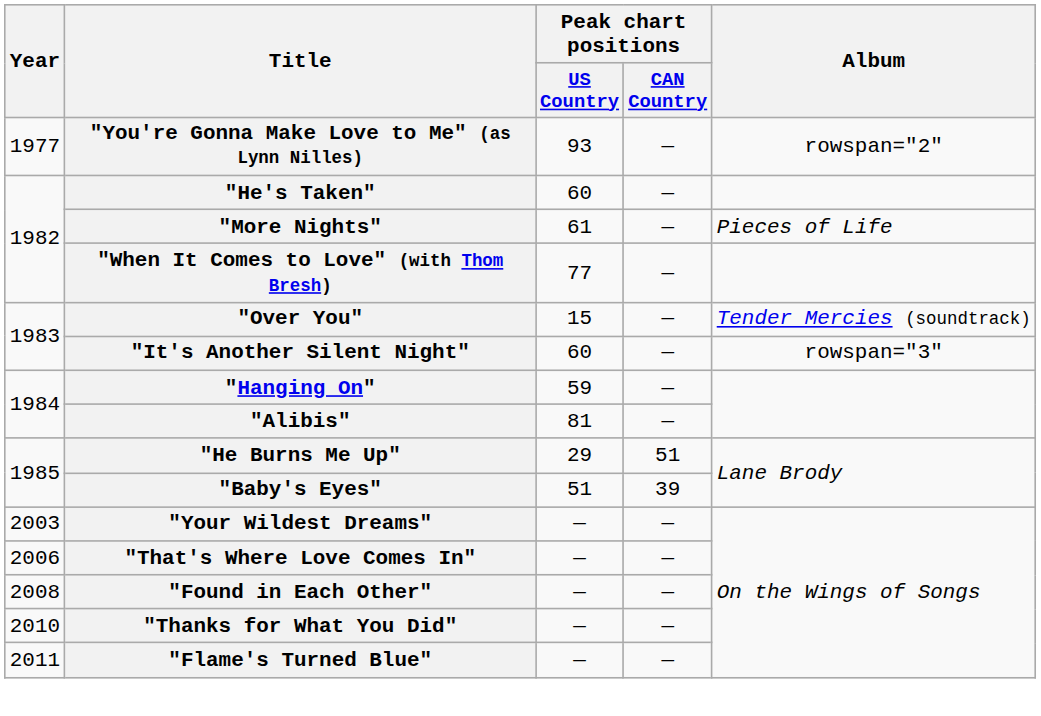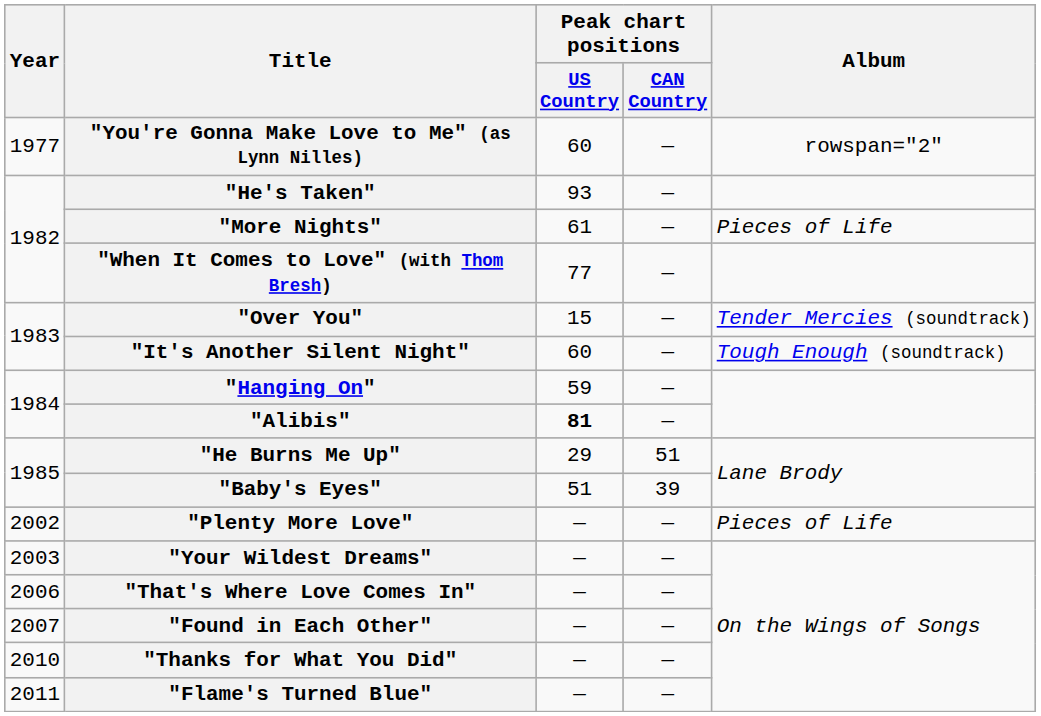 <table class="wikitable plainrowheaders" style=text-align:center;>
 <tr>
 <th scope="col" rowspan="2">Year</th>
 <th scope="col" rowspan="2" style="width:22em;">Title</th>
 <th scope="col" colspan="2">Peak chart positions</th>
 <th scope="col" rowspan="2">Album</th>
 </tr>
 <tr>
 <th style="width:4em;font-size:90%;"><a href='#'>US Country</a></th>
 <th style="width:4em;font-size:90%;"><a href='#'>CAN Country</a></th>
 </tr>
 <tr>
 <td>1977</td>
 <th scope="row">"You're Gonna Make Love to Me" <small>(as Lynn Nilles)</small></th>
-<td>93</td>
+<td>60</td>
 <td>—</td>
 <td>rowspan="2" </td>
 </tr>
 <tr>
 <td rowspan="3">1982</td>
 <th scope="row">"He's Taken"</th>
-<td>60</td>
+<td>93</td>
 <td>—</td>
 </tr>
 <tr>
 <th scope="row">"More Nights"</th>
 <td>61</td>
 <td>—</td>
 <td align="left"><em>Pieces of Life</em></td>
 </tr>
 <tr>
 <th scope="row">"When It Comes to Love" <small>(with <a href='#'>Thom Bresh</a>)</small></th>
 <td>77</td>
 <td>—</td>
 <td></td>
 </tr>
 <tr>
 <td rowspan="2">1983</td>
 <th scope="row">"Over You"</th>
 <td>15</td>
 <td>—</td>
 <td align="left"><em><a href='#'>Tender Mercies</a></em> <small>(soundtrack)</small></td>
 </tr>
 <tr>
 <th scope="row">"It's Another Silent Night"</th>
 <td>60</td>
 <td>—</td>
-<td>rowspan="3" </td>
+<td align="left"><em><a href='#'>Tough Enough</a></em> <small>(soundtrack)</small></td>
 </tr>
 <tr>
 <td rowspan="2">1984</td>
 <th scope="row">"<a href='#'>Hanging On</a>"</th>
 <td>59</td>
 <td>—</td>
 </tr>
 <tr>
 <th scope="row">"Alibis"</th>
-<td>81</td>
+<td><strong>81</strong></td>
 <td>—</td>
 </tr>
 <tr>
 <td rowspan="2">1985</td>
 <th scope="row">"He Burns Me Up"</th>
 <td>29</td>
 <td>51</td>
 <td align="left" rowspan="2"><em>Lane Brody</em></td>
 </tr>
 <tr>
 <th scope="row">"Baby's Eyes"</th>
 <td>51</td>
 <td>39</td>
 </tr>
 <tr>
+<td>2002</td>
+<th scope="row">"Plenty More Love"</th>
+<td>—</td>
+<td>—</td>
+<td align="left"><em>Pieces of Life</em></td>
+</tr>
+<tr>
 <td>2003</td>
 <th scope="row">"Your Wildest Dreams"</th>
 <td>—</td>
 <td>—</td>
 <td align="left" rowspan="5"><em>On the Wings of Songs</em></td>
 </tr>
 <tr>
 <td>2006</td>
 <th scope="row">"That's Where Love Comes In"</th>
 <td>—</td>
 <td>—</td>
 </tr>
 <tr>
-<td>2008</td>
+<td>2007</td>
 <th scope="row">"Found in Each Other"</th>
 <td>—</td>
 <td>—</td>
 </tr>
 <tr>
 <td>2010</td>
 <th scope="row">"Thanks for What You Did"</th>
 <td>—</td>
 <td>—</td>
 </tr>
 <tr>
 <td>2011</td>
 <th scope="row">"Flame's Turned Blue"</th>
 <td>—</td>
 <td>—</td>
 </tr>
 </table>
